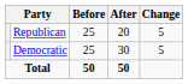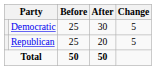 <table class="wikitable" style="text-align:center;">
 <tr>
 <th colspan="2">Party</th>
 <th>Before</th>
 <th>After</th>
 <th>Change</th>
 </tr>
 <tr>
 <th style="background-color:"></th>
-<td style="text-align:left;"><a href='#'>Republican</a></td>
+<td style="text-align:left;"><a href='#'>Democratic</a></td>
 <td>25</td>
-<td>20</td>
+<td>30</td>
 <td> 5</td>
 </tr>
 <tr>
 <th style="background-color:"></th>
-<td style="text-align:left;"><a href='#'>Democratic</a></td>
+<td style="text-align:left;"><a href='#'>Republican</a></td>
 <td>25</td>
-<td>30</td>
+<td>20</td>
 <td> 5</td>
 </tr>
 <tr>
 <td colspan="2"><strong>Total</strong></td>
 <td><strong>50</strong></td>
 <td><strong>50</strong></td>
 <td></td>
 </tr>
 </table>
